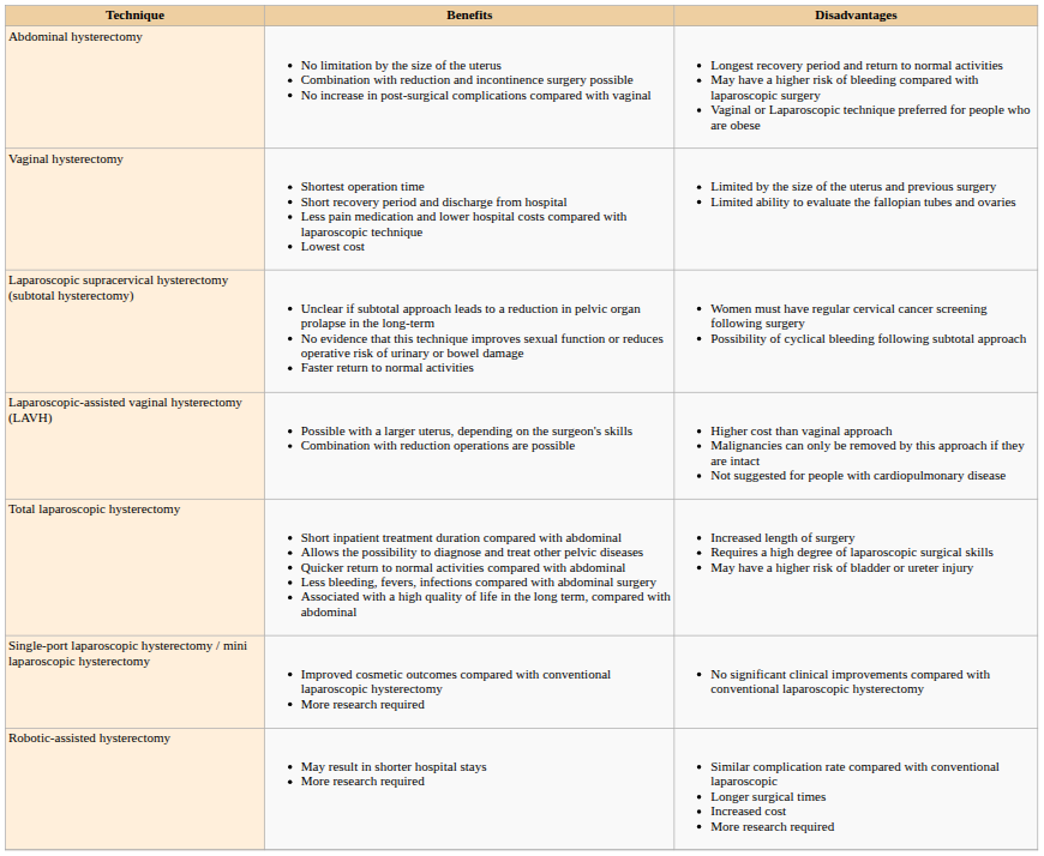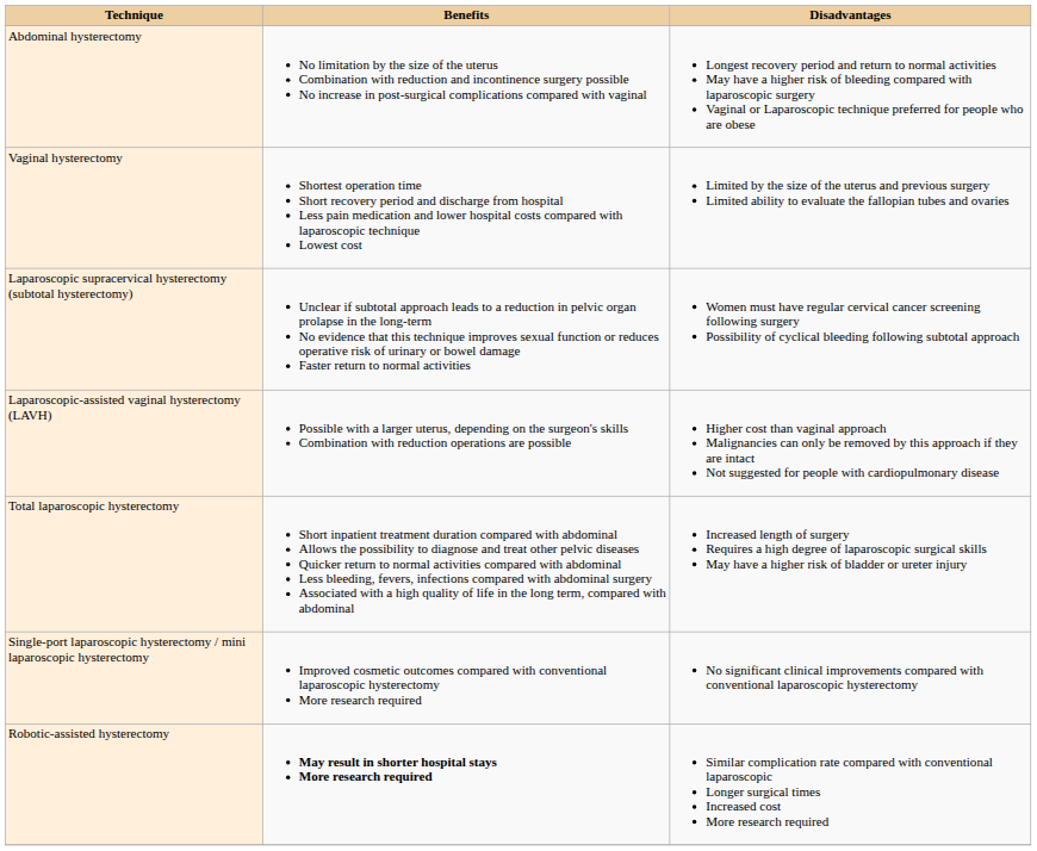 <table class="wikitable">
 <tr>
 <th style="background:#EECFA1">Technique</th>
 <th style="background:#EECFA1">Benefits</th>
 <th style="background:#EECFA1">Disadvantages</th>
 </tr>
 <tr valign="top">
 <td style="background:#FFEFDB">Abdominal hysterectomy</td>
 <td><br><ul><li>No limitation by the size of the uterus</li><li>Combination with reduction and incontinence surgery possible</li><li>No increase in post-surgical complications compared with vaginal</li></ul></td>
 <td><br><ul><li>Longest recovery period and return to normal activities</li><li>May have a higher risk of bleeding compared with laparoscopic surgery</li><li>Vaginal or Laparoscopic technique preferred for people who are obese</li></ul></td>
 </tr>
 <tr valign="top">
 <td style="background:#FFEFDB">Vaginal hysterectomy</td>
 <td><br><ul><li>Shortest operation time</li><li>Short recovery period and discharge from hospital</li><li>Less pain medication and lower hospital costs compared with laparoscopic technique</li><li>Lowest cost</li></ul></td>
 <td><br><ul><li>Limited by the size of the uterus and previous surgery</li><li>Limited ability to evaluate the fallopian tubes and ovaries</li></ul></td>
 </tr>
 <tr valign="top">
 <td style="background:#FFEFDB">Laparoscopic supracervical hysterectomy (subtotal hysterectomy)</td>
 <td><br><ul><li>Unclear if subtotal approach leads to a reduction in pelvic organ prolapse in the long-term</li><li>No evidence that this technique improves sexual function or reduces operative risk of urinary or bowel damage</li><li>Faster return to normal activities</li></ul></td>
 <td><br><ul><li>Women must have regular cervical cancer screening following surgery</li><li>Possibility of cyclical bleeding following subtotal approach</li></ul></td>
 </tr>
 <tr valign="top">
 <td style="background:#FFEFDB">Laparoscopic-assisted vaginal hysterectomy (LAVH)</td>
 <td><br><ul><li>Possible with a larger uterus, depending on the surgeon's skills</li><li>Combination with reduction operations are possible</li></ul></td>
 <td><br><ul><li>Higher cost than vaginal approach</li><li>Malignancies can only be removed by this approach if they are intact</li><li>Not suggested for people with cardiopulmonary disease</li></ul></td>
 </tr>
 <tr valign="top">
 <td style="background:#FFEFDB">Total laparoscopic hysterectomy</td>
 <td><br><ul><li>Short inpatient treatment duration compared with abdominal</li><li>Allows the possibility to diagnose and treat other pelvic diseases</li><li>Quicker return to normal activities compared with abdominal</li><li>Less bleeding, fevers, infections compared with abdominal surgery</li><li>Associated with a high quality of life in the long term, compared with abdominal</li></ul></td>
 <td><br><ul><li>Increased length of surgery</li><li>Requires a high degree of laparoscopic surgical skills</li><li>May have a higher risk of bladder or ureter injury</li></ul></td>
 </tr>
 <tr valign="top">
 <td style="background:#FFEFDB">Single-port laparoscopic hysterectomy / mini laparoscopic hysterectomy</td>
 <td><br><ul><li>Improved cosmetic outcomes compared with conventional laparoscopic hysterectomy</li><li>More research required</li></ul></td>
 <td><br><ul><li>No significant clinical improvements compared with conventional laparoscopic hysterectomy</li></ul></td>
 </tr>
 <tr valign="top">
 <td style="background:#FFEFDB">Robotic-assisted hysterectomy</td>
-<td><br><ul><li>May result in shorter hospital stays</li><li>More research required</li></ul></td>
+<td><strong><br><ul><li>May result in shorter hospital stays</li><li>More research required</li></ul></strong></td>
 <td><br><ul><li>Similar complication rate compared with conventional laparoscopic</li><li>Longer surgical times</li><li>Increased cost</li><li>More research required</li></ul></td>
 </tr>
 <tr valign="top">
 </tr>
 </table>
